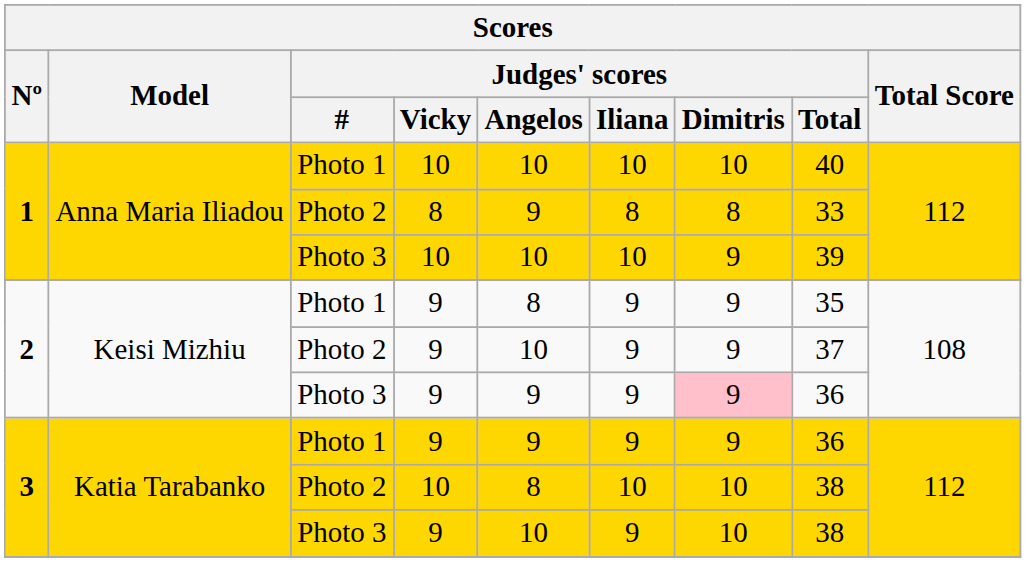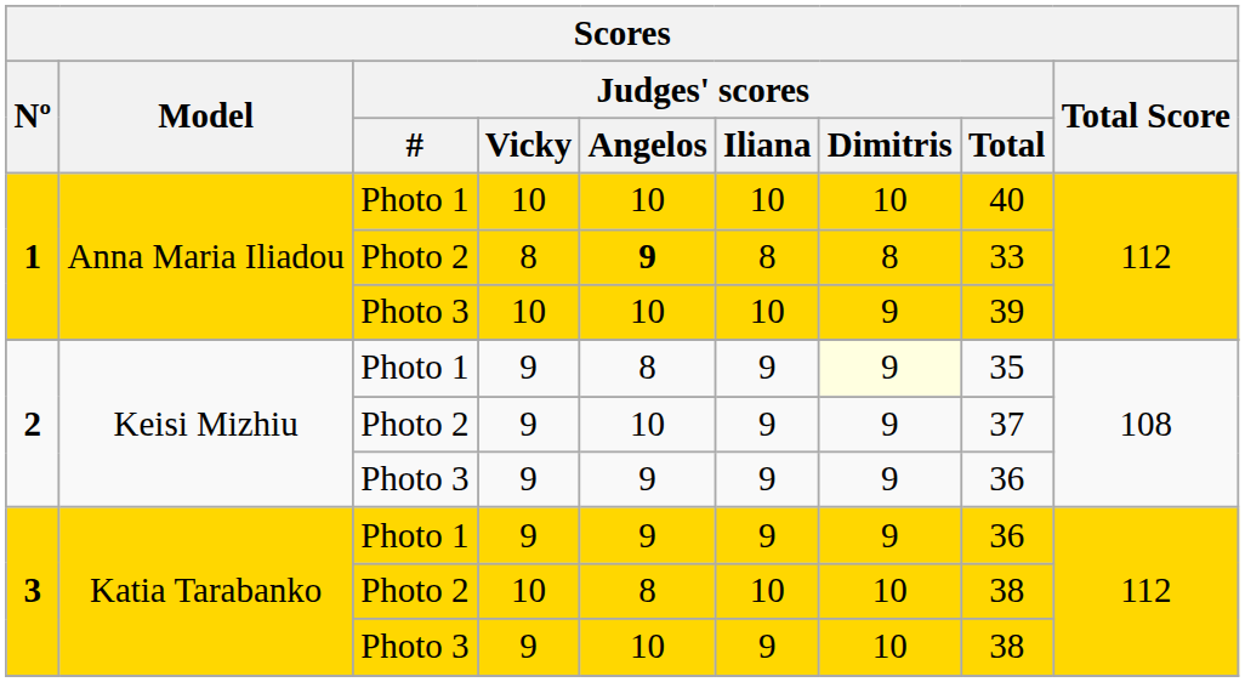 <table class="wikitable" style="text-align:center;">
 <tr>
 <th colspan="10">Scores</th>
 </tr>
 <tr>
 <th rowspan="2">Nº</th>
 <th rowspan="2">Model</th>
 <th colspan="6">Judges' scores</th>
 <th rowspan="2">Total Score</th>
 </tr>
 <tr>
 <th>#</th>
 <th>Vicky</th>
 <th>Angelos</th>
 <th>Iliana</th>
 <th>Dimitris</th>
 <th>Total</th>
 </tr>
 <tr>
 <td rowspan="3" style="background:gold"><strong>1</strong></td>
 <td rowspan="3" style="background:gold">Anna Maria Iliadou</td>
 <td style="background:gold">Photo 1</td>
 <td style="background:gold">10</td>
 <td style="background:gold">10</td>
 <td style="background:gold">10</td>
 <td style="background:gold">10</td>
 <td style="background:gold">40</td>
 <td style="background:gold" rowspan="3">112</td>
 </tr>
 <tr>
 <td style="background:gold">Photo 2</td>
 <td style="background:gold">8</td>
-<td style="background:gold">9</td>
+<td style="background:gold"><strong>9</strong></td>
 <td style="background:gold">8</td>
 <td style="background:gold">8</td>
 <td style="background:gold">33</td>
 </tr>
 <tr>
 <td style="background:gold">Photo 3</td>
 <td style="background:gold">10</td>
 <td style="background:gold">10</td>
 <td style="background:gold">10</td>
 <td style="background:gold">9</td>
 <td style="background:gold">39</td>
 </tr>
 <tr>
 </tr>
 <tr>
 <td rowspan="3"><strong>2</strong></td>
 <td rowspan="3">Keisi Mizhiu</td>
 <td>Photo 1</td>
 <td>9</td>
 <td>8</td>
 <td>9</td>
-<td>9</td>
+<td style="background: lightyellow;">9</td>
 <td>35</td>
 <td rowspan="3">108</td>
 </tr>
 <tr>
 <td>Photo 2</td>
 <td>9</td>
 <td>10</td>
 <td>9</td>
 <td>9</td>
 <td>37</td>
 </tr>
 <tr>
 <td>Photo 3</td>
 <td>9</td>
 <td>9</td>
 <td>9</td>
-<td style="background: pink;">9</td>
+<td>9</td>
 <td>36</td>
 </tr>
 <tr>
 <td style="background:gold" rowspan="3"><strong>3</strong></td>
 <td style="background:gold" rowspan="3">Katia Tarabanko</td>
 <td style="background:gold">Photo 1</td>
 <td style="background:gold">9</td>
 <td style="background:gold">9</td>
 <td style="background:gold">9</td>
 <td style="background:gold">9</td>
 <td style="background:gold">36</td>
 <td style="background:gold" rowspan="3">112</td>
 </tr>
 <tr>
 <td style="background:gold">Photo 2</td>
 <td style="background:gold">10</td>
 <td style="background:gold">8</td>
 <td style="background:gold">10</td>
 <td style="background:gold">10</td>
 <td style="background:gold">38</td>
 </tr>
 <tr>
 <td style="background:gold">Photo 3</td>
 <td style="background:gold">9</td>
 <td style="background:gold">10</td>
 <td style="background:gold">9</td>
 <td style="background:gold">10</td>
 <td style="background:gold">38</td>
 </tr>
 <tr>
 </tr>
 </table>
